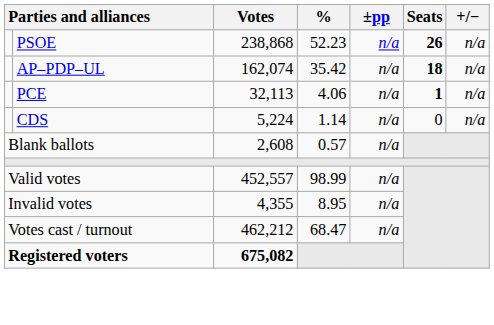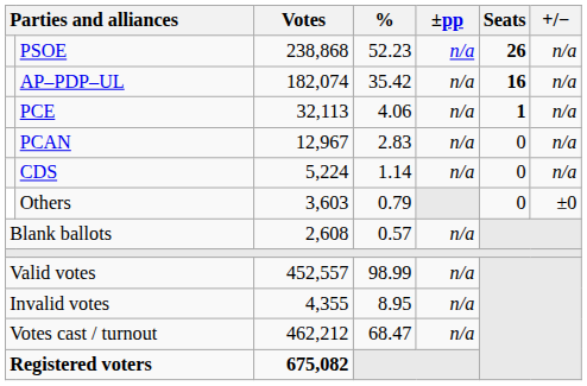 <table class="wikitable" style="text-align:right;">
 <tr>
 <th style="text-align:left;" colspan="2" width="200">Parties and alliances</th>
 <th width="75">Votes</th>
 <th width="45">%</th>
 <th width="45">±<a href='#'>pp</a></th>
 <th width="35">Seats</th>
 <th width="35">+/−</th>
 </tr>
 <tr>
 <td width="1" style="color:inherit;background:"></td>
 <td align="left"><a href='#'>PSOE</a></td>
 <td>238,868</td>
 <td>52.23</td>
 <td><em><a href='#'>n/a</a></em></td>
 <td><strong>26</strong></td>
 <td><em>n/a</em></td>
 </tr>
 <tr>
 <td style="color:inherit;background:"></td>
 <td align="left"><a href='#'>AP–PDP–UL</a></td>
-<td>162,074</td>
+<td>182,074</td>
 <td>35.42</td>
 <td><em>n/a</em></td>
-<td><strong>18</strong></td>
+<td><strong>16</strong></td>
 <td><em>n/a</em></td>
 </tr>
 <tr>
 <td style="color:inherit;background:"></td>
 <td align="left"><a href='#'>PCE</a></td>
 <td>32,113</td>
 <td>4.06</td>
 <td><em>n/a</em></td>
 <td><strong>1</strong></td>
 <td><em>n/a</em></td>
 </tr>
 <tr>
 <td style="color:inherit;background:"></td>
+<td align="left"><a href='#'>PCAN</a></td>
+<td>12,967</td>
+<td>2.83</td>
+<td><em>n/a</em></td>
+<td>0</td>
+<td><em>n/a</em></td>
+</tr>
+<tr>
+<td style="color:inherit;background:"></td>
 <td align="left"><a href='#'>CDS</a></td>
 <td>5,224</td>
 <td>1.14</td>
 <td><em>n/a</em></td>
 <td>0</td>
 <td><em>n/a</em></td>
+</tr>
+<tr>
+<td bgcolor="white"></td>
+<td align="left">Others</td>
+<td>3,603</td>
+<td>0.79</td>
+<td bgcolor="#E9E9E9"></td>
+<td>0</td>
+<td>±0</td>
 </tr>
 <tr>
 <td align="left" colspan="2">Blank ballots</td>
 <td>2,608</td>
 <td>0.57</td>
 <td><em>n/a</em></td>
 <td bgcolor="#E9E9E9" colspan="2"></td>
 </tr>
 <tr>
 <td colspan="7" bgcolor="#E9E9E9"></td>
 </tr>
 <tr>
 <td align="left" colspan="2">Valid votes</td>
 <td>452,557</td>
 <td>98.99</td>
 <td><em>n/a</em></td>
 <td bgcolor="#E9E9E9" colspan="2" rowspan="4"></td>
 </tr>
 <tr>
 <td align="left" colspan="2">Invalid votes</td>
 <td>4,355</td>
 <td>8.95</td>
 <td><em>n/a</em></td>
 </tr>
 <tr>
 <td align="left" colspan="2">Votes cast / turnout</td>
 <td>462,212</td>
 <td>68.47</td>
 <td><em>n/a</em></td>
 </tr>
 <tr style="font-weight:bold;">
 <td align="left" colspan="2">Registered voters</td>
 <td>675,082</td>
 <td bgcolor="#E9E9E9" colspan="2"></td>
 </tr>
 </table>
